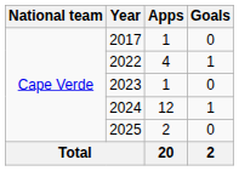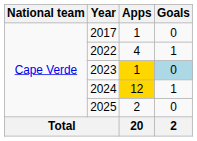 <table class="wikitable" style="text-align:center">
 <tr>
 <th>National team</th>
 <th>Year</th>
 <th>Apps</th>
 <th>Goals</th>
 </tr>
 <tr>
 <td rowspan="5"><a href='#'>Cape Verde</a></td>
 <td>2017</td>
 <td>1</td>
 <td>0</td>
 </tr>
 <tr>
 <td>2022</td>
 <td>4</td>
 <td>1</td>
 </tr>
 <tr>
 <td>2023</td>
-<td>1</td>
-<td>0</td>
+<td style="background: gold;">1</td>
+<td style="background: lightblue;">0</td>
 </tr>
 <tr>
 <td>2024</td>
-<td>12</td>
+<td style="background: gold;">12</td>
 <td>1</td>
 </tr>
 <tr>
 <td>2025</td>
 <td>2</td>
 <td>0</td>
 </tr>
 <tr>
 <th colspan="2">Total</th>
 <th>20</th>
 <th>2</th>
 </tr>
 </table>
